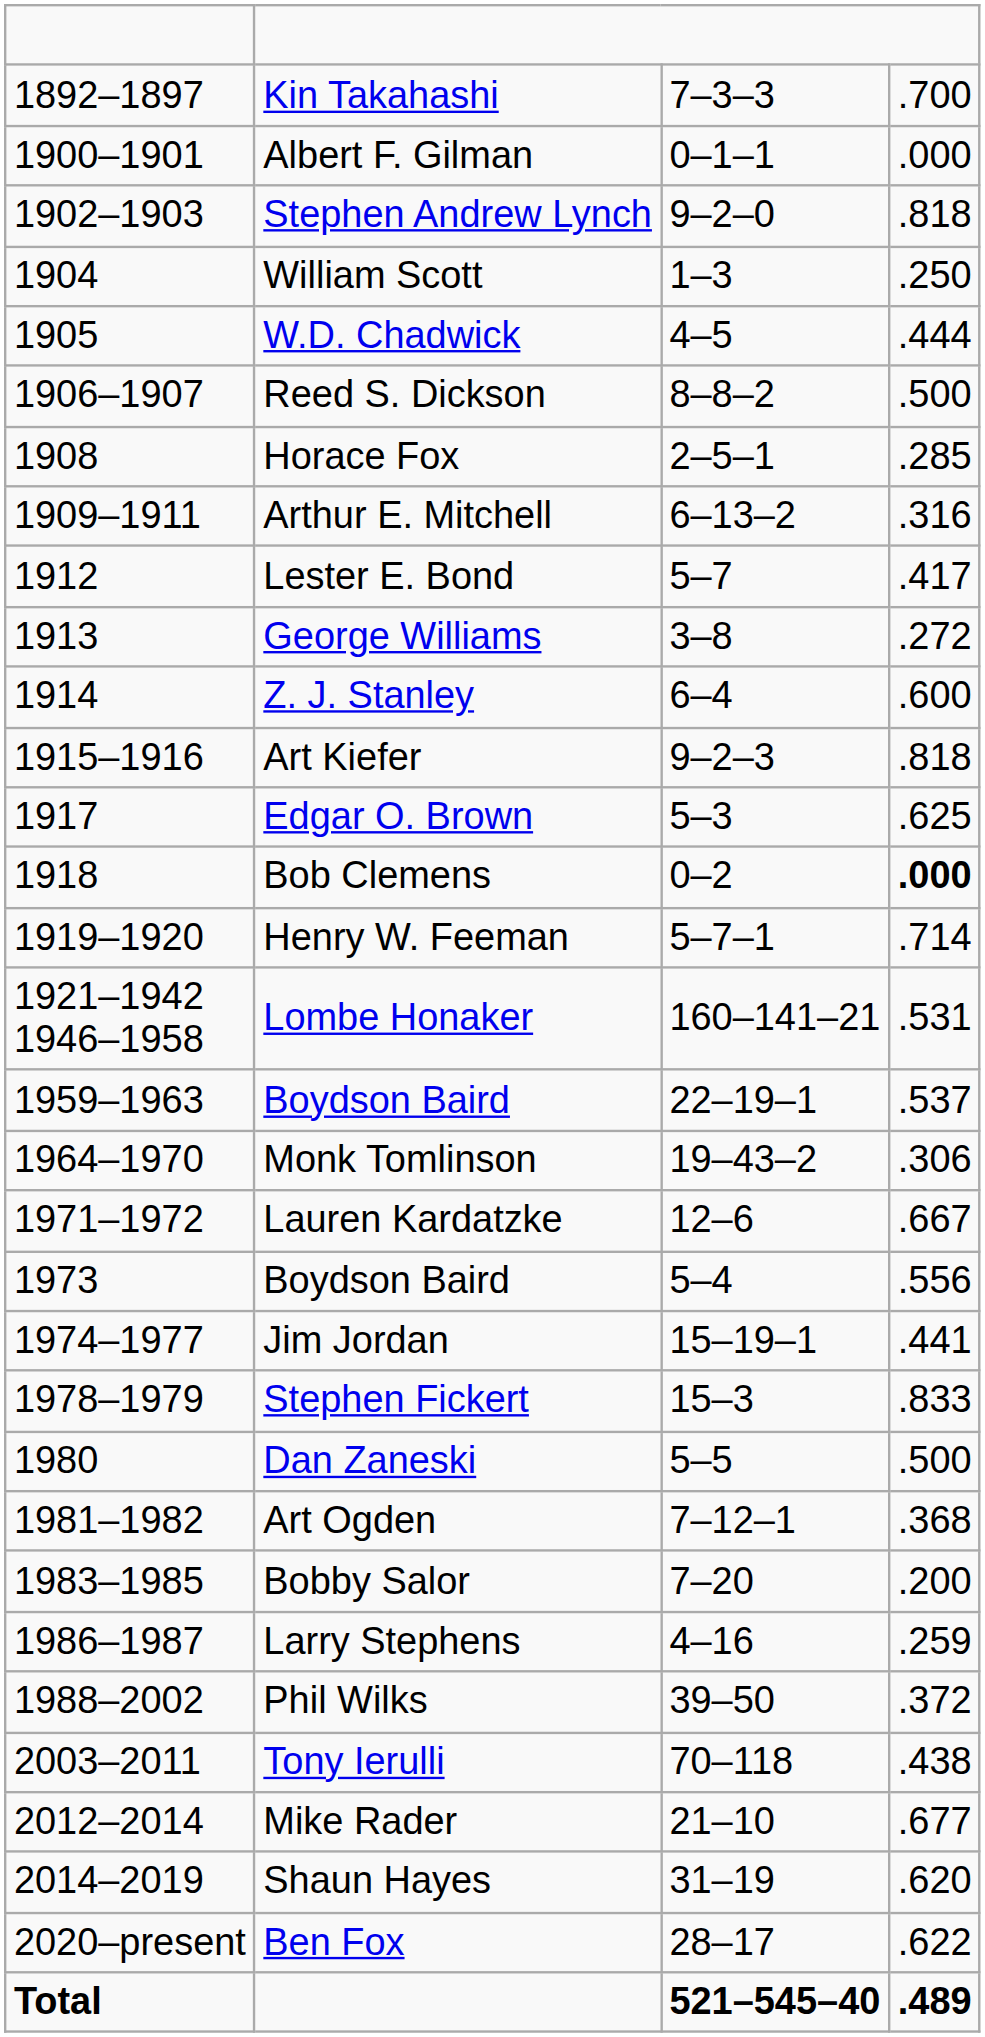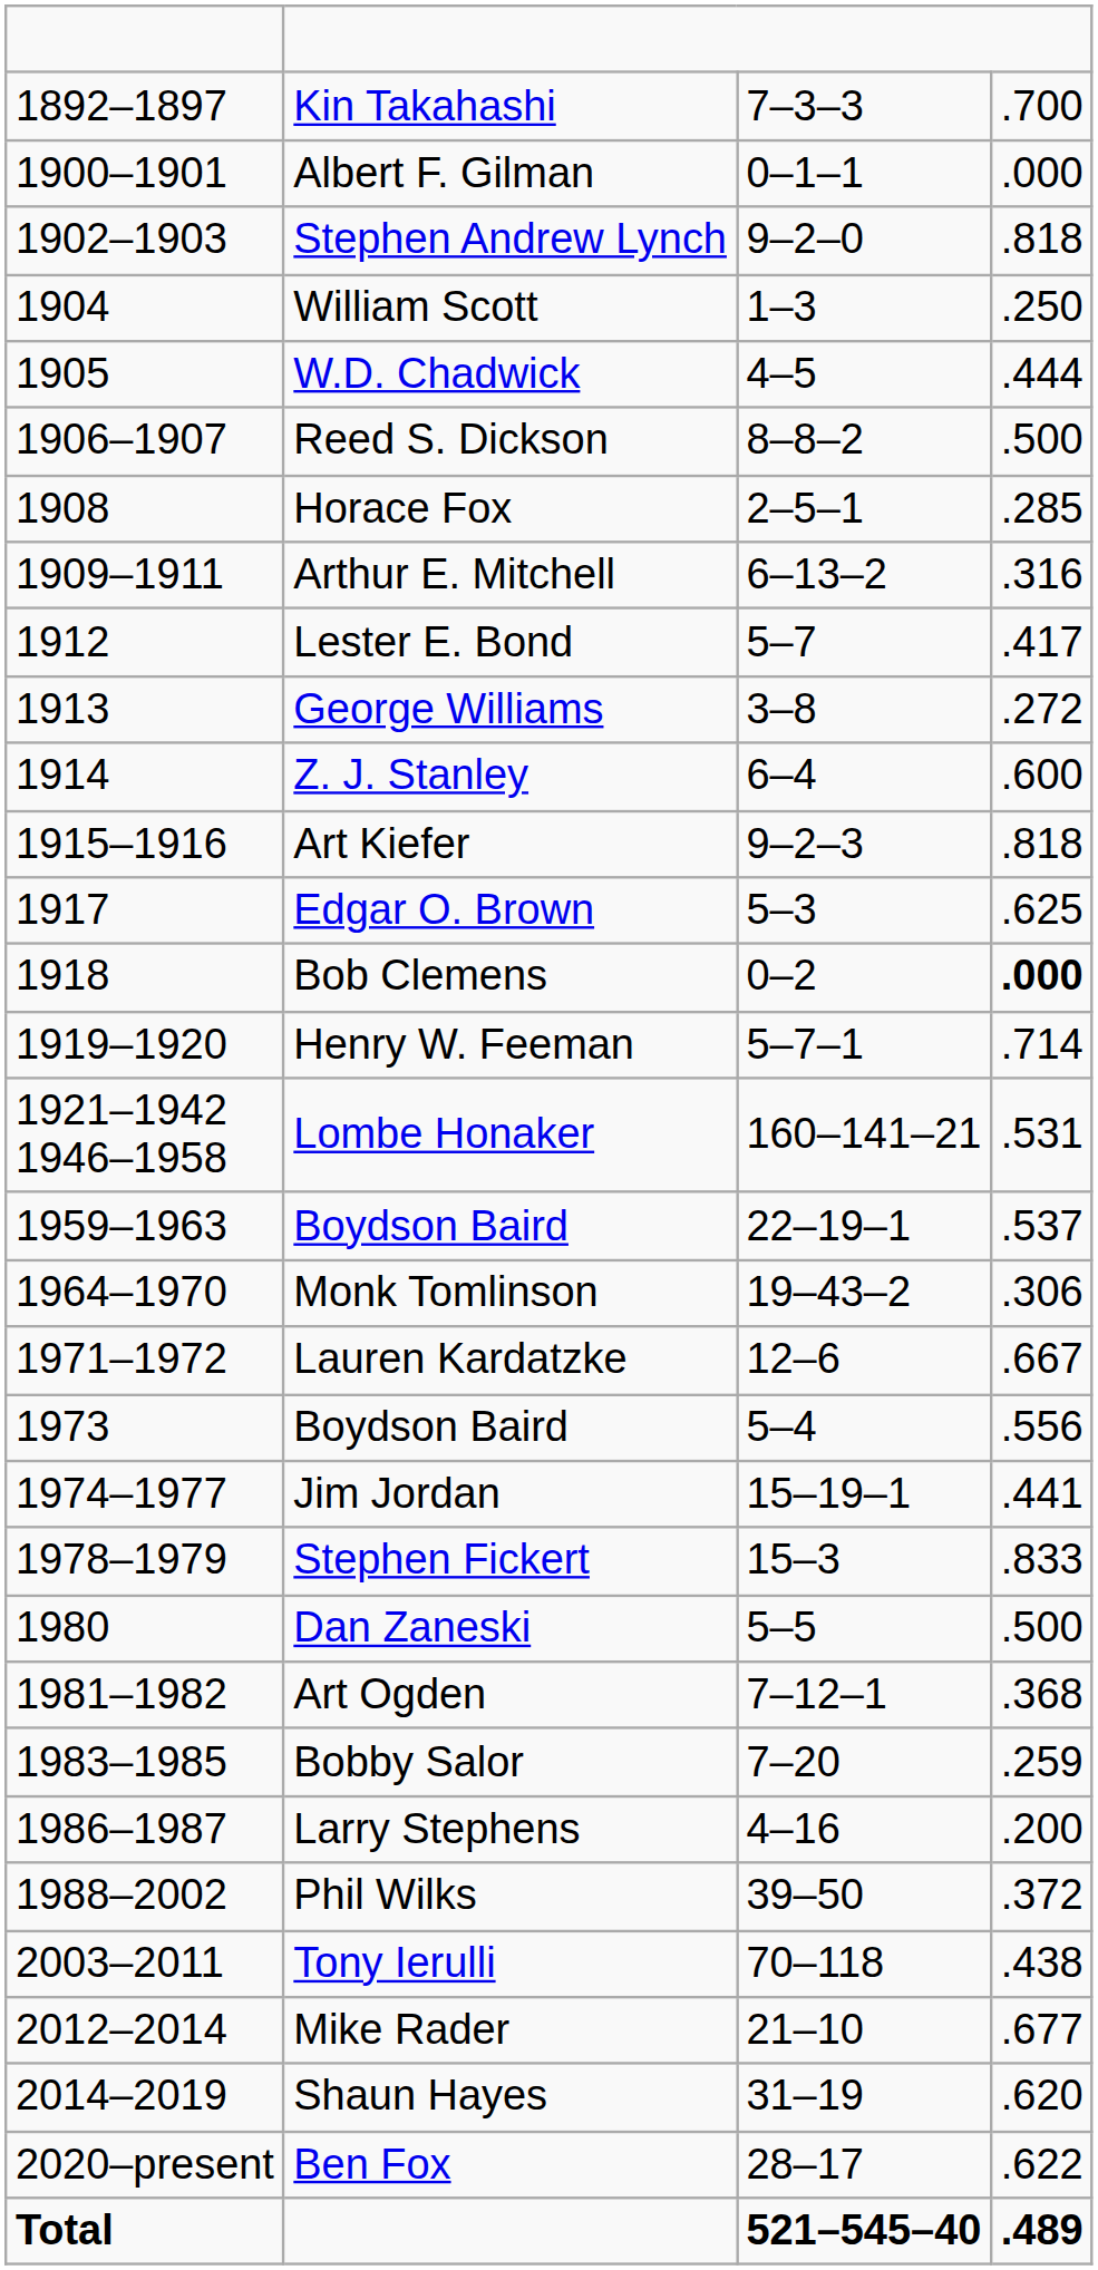 <table class="wikitable">
 <tr>
 <td><br></td>
 </tr>
 <tr>
 <td>1892–1897</td>
 <td><a href='#'>Kin Takahashi</a></td>
 <td>7–3–3</td>
 <td>.700</td>
 </tr>
 <tr>
 <td>1900–1901</td>
 <td>Albert F. Gilman</td>
 <td>0–1–1</td>
 <td>.000</td>
 </tr>
 <tr>
 <td>1902–1903</td>
 <td><a href='#'>Stephen Andrew Lynch</a></td>
 <td>9–2–0</td>
 <td>.818</td>
 </tr>
 <tr>
 <td>1904</td>
 <td>William Scott</td>
 <td>1–3</td>
 <td>.250</td>
 </tr>
 <tr>
 <td>1905</td>
 <td><a href='#'>W.D. Chadwick</a></td>
 <td>4–5</td>
 <td>.444</td>
 </tr>
 <tr>
 <td>1906–1907</td>
 <td>Reed S. Dickson</td>
 <td>8–8–2</td>
 <td>.500</td>
 </tr>
 <tr>
 <td>1908</td>
 <td>Horace Fox</td>
 <td>2–5–1</td>
 <td>.285</td>
 </tr>
 <tr>
 <td>1909–1911</td>
 <td>Arthur E. Mitchell</td>
 <td>6–13–2</td>
 <td>.316</td>
 </tr>
 <tr>
 <td>1912</td>
 <td>Lester E. Bond</td>
 <td>5–7</td>
 <td>.417</td>
 </tr>
 <tr>
 <td>1913</td>
 <td><a href='#'>George Williams</a></td>
 <td>3–8</td>
 <td>.272</td>
 </tr>
 <tr>
 <td>1914</td>
 <td><a href='#'>Z. J. Stanley</a></td>
 <td>6–4</td>
 <td>.600</td>
 </tr>
 <tr>
 <td>1915–1916</td>
 <td>Art Kiefer</td>
 <td>9–2–3</td>
 <td>.818</td>
 </tr>
 <tr>
 <td>1917</td>
 <td><a href='#'>Edgar O. Brown</a></td>
 <td>5–3</td>
 <td>.625</td>
 </tr>
 <tr>
 <td>1918</td>
 <td>Bob Clemens</td>
 <td>0–2</td>
 <td><strong>.000</strong></td>
 </tr>
 <tr>
 <td>1919–1920</td>
 <td>Henry W. Feeman</td>
 <td>5–7–1</td>
 <td>.714</td>
 </tr>
 <tr>
 <td>1921–1942<br>1946–1958</td>
 <td><a href='#'>Lombe Honaker</a></td>
 <td>160–141–21</td>
 <td>.531</td>
 </tr>
 <tr>
 <td>1959–1963</td>
 <td><a href='#'>Boydson Baird</a></td>
 <td>22–19–1</td>
 <td>.537</td>
 </tr>
 <tr>
 <td>1964–1970</td>
 <td>Monk Tomlinson</td>
 <td>19–43–2</td>
 <td>.306</td>
 </tr>
 <tr>
 <td>1971–1972</td>
 <td>Lauren Kardatzke</td>
 <td>12–6</td>
 <td>.667</td>
 </tr>
 <tr>
 <td>1973</td>
 <td>Boydson Baird</td>
 <td>5–4</td>
 <td>.556</td>
 </tr>
 <tr>
 <td>1974–1977</td>
 <td>Jim Jordan</td>
 <td>15–19–1</td>
 <td>.441</td>
 </tr>
 <tr>
 <td>1978–1979</td>
 <td><a href='#'>Stephen Fickert</a></td>
 <td>15–3</td>
 <td>.833</td>
 </tr>
 <tr>
 <td>1980</td>
 <td><a href='#'>Dan Zaneski</a></td>
 <td>5–5</td>
 <td>.500</td>
 </tr>
 <tr>
 <td>1981–1982</td>
 <td>Art Ogden</td>
 <td>7–12–1</td>
 <td>.368</td>
 </tr>
 <tr>
 <td>1983–1985</td>
 <td>Bobby Salor</td>
 <td>7–20</td>
-<td>.200</td>
+<td>.259</td>
 </tr>
 <tr>
 <td>1986–1987</td>
 <td>Larry Stephens</td>
 <td>4–16</td>
-<td>.259</td>
+<td>.200</td>
 </tr>
 <tr>
 <td>1988–2002</td>
 <td>Phil Wilks</td>
 <td>39–50</td>
 <td>.372</td>
 </tr>
 <tr>
 <td>2003–2011</td>
 <td><a href='#'>Tony Ierulli</a></td>
 <td>70–118</td>
 <td>.438</td>
 </tr>
 <tr>
 <td>2012–2014</td>
 <td>Mike Rader</td>
 <td>21–10</td>
 <td>.677</td>
 </tr>
 <tr>
 <td>2014–2019</td>
 <td>Shaun Hayes</td>
 <td>31–19</td>
 <td>.620</td>
 </tr>
 <tr>
 <td>2020–present</td>
 <td><a href='#'>Ben Fox</a></td>
 <td>28–17</td>
 <td>.622</td>
 </tr>
 <tr>
 <td><strong>Total</strong></td>
 <td></td>
 <td><strong>521–545–40</strong></td>
 <td><strong>.489</strong></td>
 </tr>
 </table>
